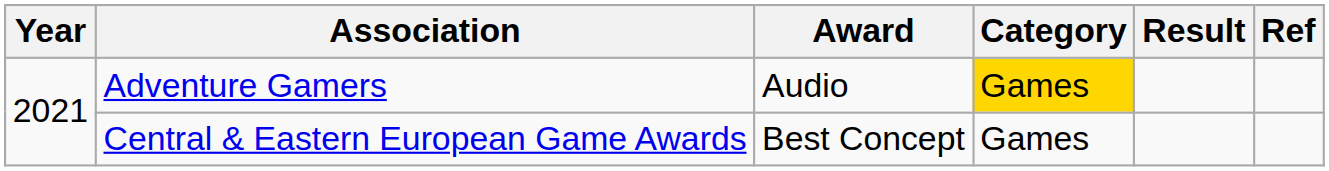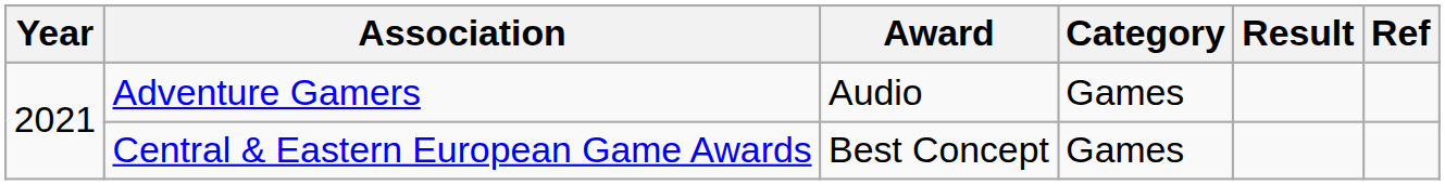 <table class="wikitable">
 <tr>
 <th>Year</th>
 <th>Association</th>
 <th>Award</th>
 <th>Category</th>
 <th>Result</th>
 <th>Ref</th>
 </tr>
 <tr>
 <td rowspan="2">2021</td>
 <td><a href='#'>Adventure Gamers</a></td>
 <td>Audio</td>
-<td style="background: gold;">Games</td>
+<td>Games</td>
 <td></td>
 <td></td>
 </tr>
 <tr>
 <td><a href='#'>Central & Eastern European Game Awards</a></td>
 <td>Best Concept</td>
 <td>Games</td>
 <td></td>
 <td></td>
 </tr>
 </table>
